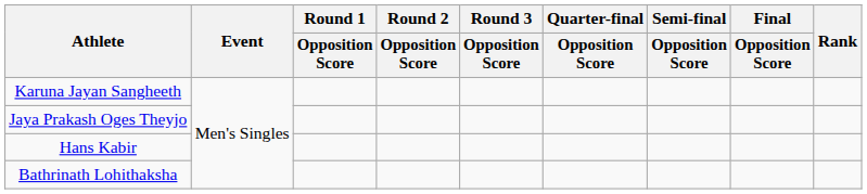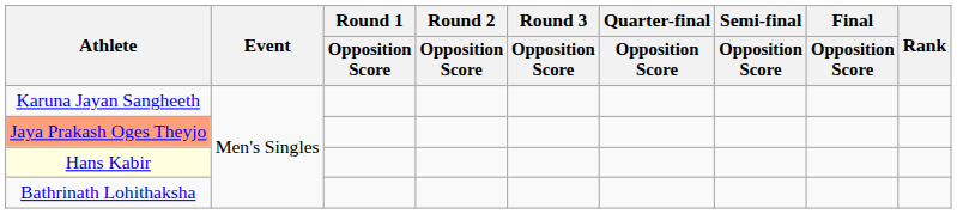 <table class=wikitable style="text-align:center; font-size:90%">
 <tr>
 <th rowspan="2">Athlete</th>
 <th rowspan="2">Event</th>
 <th>Round 1</th>
 <th>Round 2</th>
 <th>Round 3</th>
 <th>Quarter-final</th>
 <th>Semi-final</th>
 <th>Final</th>
 <th rowspan="2">Rank</th>
 </tr>
 <tr style="font-size:95%">
 <th>Opposition<br>Score</th>
 <th>Opposition<br>Score</th>
 <th>Opposition<br>Score</th>
 <th>Opposition<br>Score</th>
 <th>Opposition<br>Score</th>
 <th>Opposition<br>Score</th>
 </tr>
 <tr>
 <td><a href='#'>Karuna Jayan Sangheeth</a></td>
 <td Rowspan=4>Men's Singles</td>
 <td></td>
 <td></td>
 <td></td>
 <td></td>
 <td></td>
 <td></td>
 <td></td>
 </tr>
 <tr>
-<td><a href='#'>Jaya Prakash Oges Theyjo</a></td>
+<td style="background: lightsalmon;"><a href='#'>Jaya Prakash Oges Theyjo</a></td>
 <td></td>
 <td></td>
 <td></td>
 <td></td>
 <td></td>
 <td></td>
 <td></td>
 </tr>
 <tr>
-<td><a href='#'>Hans Kabir</a></td>
+<td style="background: lightyellow;"><a href='#'>Hans Kabir</a></td>
 <td></td>
 <td></td>
 <td></td>
 <td></td>
 <td></td>
 <td></td>
 <td></td>
 </tr>
 <tr>
 <td><a href='#'>Bathrinath Lohithaksha</a></td>
 <td></td>
 <td></td>
 <td></td>
 <td></td>
 <td></td>
 <td></td>
 <td></td>
 </tr>
 </table>
